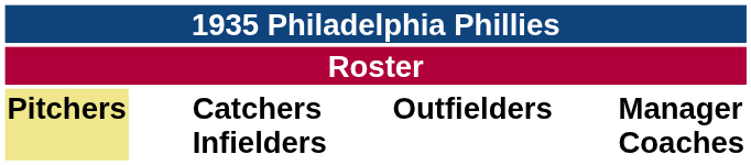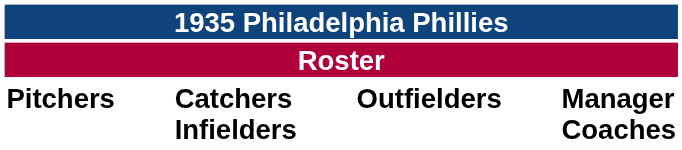 <table class="toccolours" style="font-size: 95%;">
 <tr>
 <th colspan="10" style="background-color: #0f437c; color: white; text-align: center;">1935 Philadelphia Phillies</th>
 </tr>
 <tr>
 <td colspan="10" style="background-color: #af0039; color: white; text-align: center;"><strong>Roster</strong></td>
 </tr>
 <tr>
-<td valign="top" style="background: khaki;"><strong>Pitchers</strong><br>              </td>
+<td valign="top"><strong>Pitchers</strong><br>              </td>
 <td width="25px"></td>
 <td valign="top"><strong>Catchers</strong><br>    <strong>Infielders</strong>        </td>
 <td width="25px"></td>
 <td valign="top"><strong>Outfielders</strong><br>    </td>
 <td width="25px"></td>
 <td valign="top"><strong>Manager</strong><br> <strong>Coaches</strong>   </td>
 </tr>
 </table>
